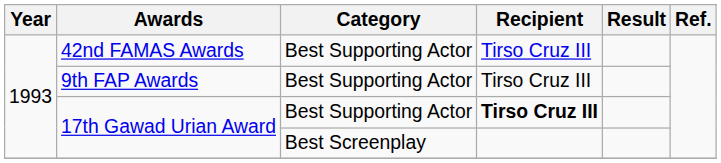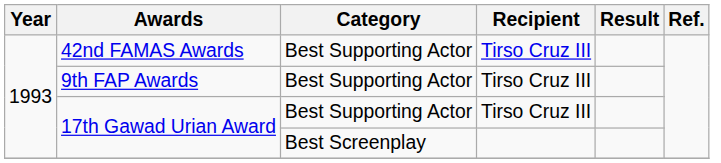 <table class="wikitable">
 <tr>
 <th>Year</th>
 <th>Awards</th>
 <th>Category</th>
 <th>Recipient</th>
 <th>Result</th>
 <th>Ref.</th>
 </tr>
 <tr>
 <td rowspan="4">1993</td>
 <td><a href='#'>42nd FAMAS Awards</a></td>
 <td>Best Supporting Actor</td>
 <td><a href='#'>Tirso Cruz III</a></td>
 <td></td>
 <td rowspan="4"></td>
 </tr>
 <tr>
 <td><a href='#'>9th FAP Awards</a></td>
 <td>Best Supporting Actor</td>
 <td>Tirso Cruz III</td>
 <td></td>
 </tr>
 <tr>
 <td rowspan="2"><a href='#'>17th Gawad Urian Award</a></td>
 <td>Best Supporting Actor</td>
-<td><strong>Tirso Cruz III</strong></td>
+<td>Tirso Cruz III</td>
 <td></td>
 </tr>
 <tr>
 <td>Best Screenplay</td>
 <td></td>
 <td></td>
 </tr>
 <tr>
 </tr>
 </table>
